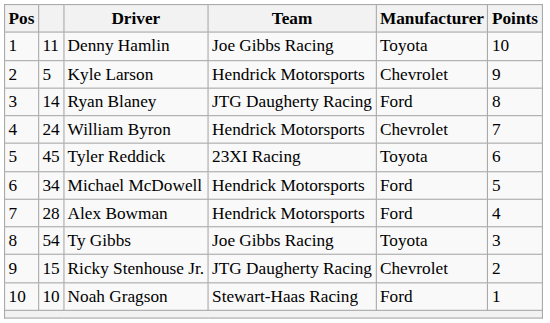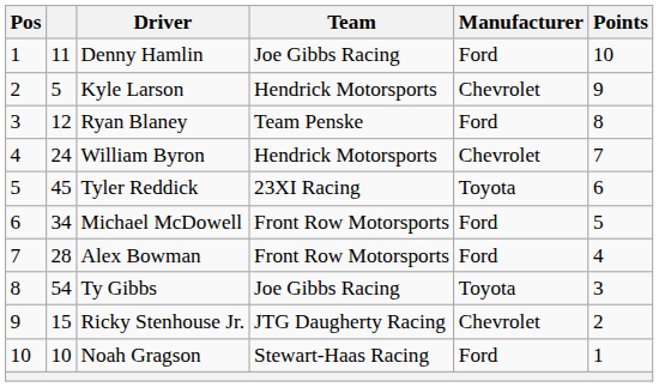 <table class="wikitable" style="font-size:98%">
 <tr>
 <th>Pos</th>
 <th></th>
 <th>Driver</th>
 <th>Team</th>
 <th>Manufacturer</th>
 <th>Points</th>
 </tr>
 <tr>
 <td>1</td>
 <td>11</td>
 <td>Denny Hamlin</td>
 <td>Joe Gibbs Racing</td>
-<td>Toyota</td>
+<td>Ford</td>
 <td>10</td>
 </tr>
 <tr>
 <td>2</td>
 <td>5</td>
 <td>Kyle Larson</td>
 <td>Hendrick Motorsports</td>
 <td>Chevrolet</td>
 <td>9</td>
 </tr>
 <tr>
 <td>3</td>
-<td>14</td>
+<td>12</td>
 <td>Ryan Blaney</td>
-<td>JTG Daugherty Racing</td>
+<td>Team Penske</td>
 <td>Ford</td>
 <td>8</td>
 </tr>
 <tr>
 <td>4</td>
 <td>24</td>
 <td>William Byron</td>
 <td>Hendrick Motorsports</td>
 <td>Chevrolet</td>
 <td>7</td>
 </tr>
 <tr>
 <td>5</td>
 <td>45</td>
 <td>Tyler Reddick</td>
 <td>23XI Racing</td>
 <td>Toyota</td>
 <td>6</td>
 </tr>
 <tr>
 <td>6</td>
 <td>34</td>
 <td>Michael McDowell</td>
-<td>Hendrick Motorsports</td>
+<td>Front Row Motorsports</td>
 <td>Ford</td>
 <td>5</td>
 </tr>
 <tr>
 <td>7</td>
 <td>28</td>
 <td>Alex Bowman</td>
-<td>Hendrick Motorsports</td>
+<td>Front Row Motorsports</td>
 <td>Ford</td>
 <td>4</td>
 </tr>
 <tr>
 <td>8</td>
 <td>54</td>
 <td>Ty Gibbs</td>
 <td>Joe Gibbs Racing</td>
 <td>Toyota</td>
 <td>3</td>
 </tr>
 <tr>
 <td>9</td>
 <td>15</td>
 <td>Ricky Stenhouse Jr.</td>
 <td>JTG Daugherty Racing</td>
 <td>Chevrolet</td>
 <td>2</td>
 </tr>
 <tr>
 <td>10</td>
 <td>10</td>
 <td>Noah Gragson</td>
 <td>Stewart-Haas Racing</td>
 <td>Ford</td>
 <td>1</td>
 </tr>
 <tr>
 <th colspan="6"></th>
 </tr>
 </table>
